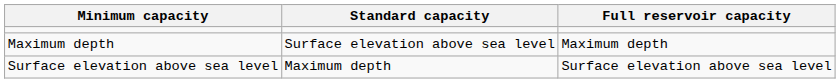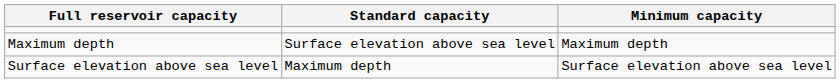 <table class="wikitable">
 <tr>
+<th>Full reservoir capacity</th>
+<th>Standard capacity</th>
 <th>Minimum capacity</th>
-<th>Standard capacity</th>
-<th>Full reservoir capacity</th>
 </tr>
 <tr>
 <td></td>
 <td></td>
 <td></td>
 </tr>
 <tr>
 <td>Maximum depth </td>
 <td>Surface elevation  above sea level</td>
 <td>Maximum depth </td>
 </tr>
 <tr>
 <td>Surface elevation  above sea level</td>
 <td>Maximum depth </td>
 <td>Surface elevation  above sea level</td>
 </tr>
 </table>
